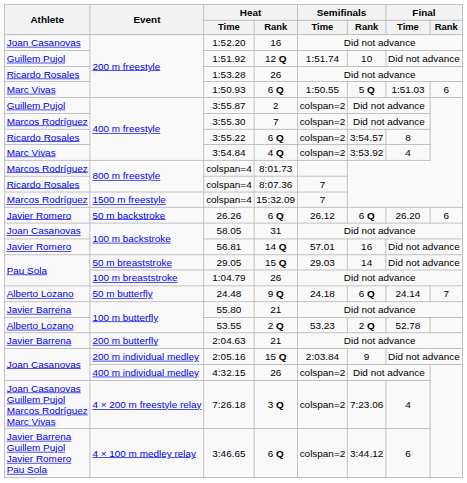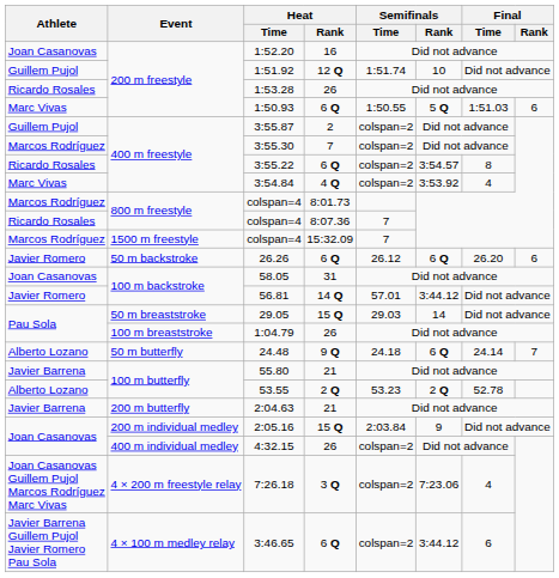 <table class=wikitable style="font-size:90%">
 <tr>
 <th rowspan="2">Athlete</th>
 <th rowspan="2">Event</th>
 <th colspan="2">Heat</th>
 <th colspan="2">Semifinals</th>
 <th colspan="2">Final</th>
 </tr>
 <tr style="font-size:95%">
 <th>Time</th>
 <th>Rank</th>
 <th>Time</th>
 <th>Rank</th>
 <th>Time</th>
 <th>Rank</th>
 </tr>
 <tr align=center>
 <td align=left><a href='#'>Joan Casanovas</a></td>
 <td align=left rowspan=4><a href='#'>200 m freestyle</a></td>
 <td>1:52.20</td>
 <td>16</td>
 <td colspan=4>Did not advance</td>
 </tr>
 <tr align=center>
 <td align=left><a href='#'>Guillem Pujol</a></td>
 <td>1:51.92</td>
 <td>12 <strong>Q</strong></td>
 <td>1:51.74</td>
 <td>10</td>
 <td colspan=2>Did not advance</td>
 </tr>
 <tr align=center>
 <td align=left><a href='#'>Ricardo Rosales</a></td>
 <td>1:53.28</td>
 <td>26</td>
 <td colspan=4>Did not advance</td>
 </tr>
 <tr align=center>
 <td align=left><a href='#'>Marc Vivas</a></td>
 <td>1:50.93</td>
 <td>6 <strong>Q</strong></td>
 <td>1:50.55</td>
 <td>5 <strong>Q</strong></td>
 <td>1:51.03</td>
 <td>6</td>
 </tr>
 <tr align=center>
 <td align=left><a href='#'>Guillem Pujol</a></td>
 <td align=left rowspan=4><a href='#'>400 m freestyle</a></td>
 <td>3:55.87</td>
 <td>2</td>
 <td>colspan=2 </td>
 <td colspan=2>Did not advance</td>
 </tr>
 <tr align=center>
 <td align=left><a href='#'>Marcos Rodríguez</a></td>
 <td>3:55.30</td>
 <td>7</td>
 <td>colspan=2 </td>
 <td colspan=2>Did not advance</td>
 </tr>
 <tr align=center>
 <td align=left><a href='#'>Ricardo Rosales</a></td>
 <td>3:55.22</td>
 <td>6 <strong>Q</strong></td>
 <td>colspan=2 </td>
 <td>3:54.57</td>
 <td>8</td>
 </tr>
 <tr align=center>
 <td align=left><a href='#'>Marc Vivas</a></td>
 <td>3:54.84</td>
 <td>4 <strong>Q</strong></td>
 <td>colspan=2 </td>
 <td>3:53.92</td>
 <td>4</td>
 </tr>
 <tr align=center>
 <td align=left><a href='#'>Marcos Rodríguez</a></td>
 <td align=left rowspan=2><a href='#'>800 m freestyle</a></td>
 <td>colspan=4 </td>
 <td>8:01.73</td>
 <td></td>
 </tr>
 <tr align=center>
 <td align=left><a href='#'>Ricardo Rosales</a></td>
 <td>colspan=4 </td>
 <td>8:07.36</td>
 <td>7</td>
 </tr>
 <tr align=center>
 <td align=left><a href='#'>Marcos Rodríguez</a></td>
 <td align=left><a href='#'>1500 m freestyle</a></td>
 <td>colspan=4 </td>
 <td>15:32.09</td>
 <td>7</td>
 </tr>
 <tr align=center>
 <td align=left><a href='#'>Javier Romero</a></td>
 <td align=left><a href='#'>50 m backstroke</a></td>
 <td>26.26</td>
 <td>6 <strong>Q</strong></td>
 <td>26.12</td>
 <td>6 <strong>Q</strong></td>
 <td>26.20</td>
 <td>6</td>
 </tr>
 <tr align=center>
 <td align=left><a href='#'>Joan Casanovas</a></td>
 <td align=left rowspan=2><a href='#'>100 m backstroke</a></td>
 <td>58.05</td>
 <td>31</td>
 <td colspan=4>Did not advance</td>
 </tr>
 <tr align=center>
 <td align=left><a href='#'>Javier Romero</a></td>
 <td>56.81</td>
 <td>14 <strong>Q</strong></td>
 <td>57.01</td>
-<td>16</td>
+<td>3:44.12</td>
 <td colspan=2>Did not advance</td>
 </tr>
 <tr align=center>
 <td align=left rowspan=2><a href='#'>Pau Sola</a></td>
 <td align=left><a href='#'>50 m breaststroke</a></td>
 <td>29.05</td>
 <td>15 <strong>Q</strong></td>
 <td>29.03</td>
 <td>14</td>
 <td colspan=2>Did not advance</td>
 </tr>
 <tr align=center>
 <td align=left><a href='#'>100 m breaststroke</a></td>
 <td>1:04.79</td>
 <td>26</td>
 <td colspan=4>Did not advance</td>
 </tr>
 <tr align=center>
 <td align=left><a href='#'>Alberto Lozano</a></td>
 <td align=left><a href='#'>50 m butterfly</a></td>
 <td>24.48</td>
 <td>9 <strong>Q</strong></td>
 <td>24.18</td>
 <td>6 <strong>Q</strong></td>
 <td>24.14</td>
 <td>7</td>
 </tr>
 <tr align=center>
 <td align=left><a href='#'>Javier Barrena</a></td>
 <td align=left rowspan=2><a href='#'>100 m butterfly</a></td>
 <td>55.80</td>
 <td>21</td>
 <td colspan=4>Did not advance</td>
 </tr>
 <tr align=center>
 <td align=left><a href='#'>Alberto Lozano</a></td>
 <td>53.55</td>
 <td>2 <strong>Q</strong></td>
 <td>53.23</td>
 <td>2 <strong>Q</strong></td>
 <td>52.78</td>
 <td></td>
 </tr>
 <tr align=center>
 <td align=left><a href='#'>Javier Barrena</a></td>
 <td align=left><a href='#'>200 m butterfly</a></td>
 <td>2:04.63</td>
 <td>21</td>
 <td colspan=4>Did not advance</td>
 </tr>
 <tr align=center>
 <td align=left rowspan=2><a href='#'>Joan Casanovas</a></td>
 <td align=left><a href='#'>200 m individual medley</a></td>
 <td>2:05.16</td>
 <td>15 <strong>Q</strong></td>
 <td>2:03.84</td>
 <td>9</td>
 <td colspan=2>Did not advance</td>
 </tr>
 <tr align=center>
 <td align=left><a href='#'>400 m individual medley</a></td>
 <td>4:32.15</td>
 <td>26</td>
 <td>colspan=2 </td>
 <td colspan=2>Did not advance</td>
 </tr>
 <tr align=center>
 <td align=left><a href='#'>Joan Casanovas</a><br><a href='#'>Guillem Pujol</a><br><a href='#'>Marcos Rodríguez</a><br><a href='#'>Marc Vivas</a></td>
 <td align=left><a href='#'>4 × 200 m freestyle relay</a></td>
 <td>7:26.18</td>
 <td>3 <strong>Q</strong></td>
 <td>colspan=2 </td>
 <td>7:23.06</td>
 <td>4</td>
 </tr>
 <tr align=center>
 <td align=left><a href='#'>Javier Barrena</a><br><a href='#'>Guillem Pujol</a><br><a href='#'>Javier Romero</a><br><a href='#'>Pau Sola</a></td>
 <td align=left><a href='#'>4 × 100 m medley relay</a></td>
 <td>3:46.65</td>
 <td>6 <strong>Q</strong></td>
 <td>colspan=2 </td>
 <td>3:44.12</td>
 <td>6</td>
 </tr>
 </table>
